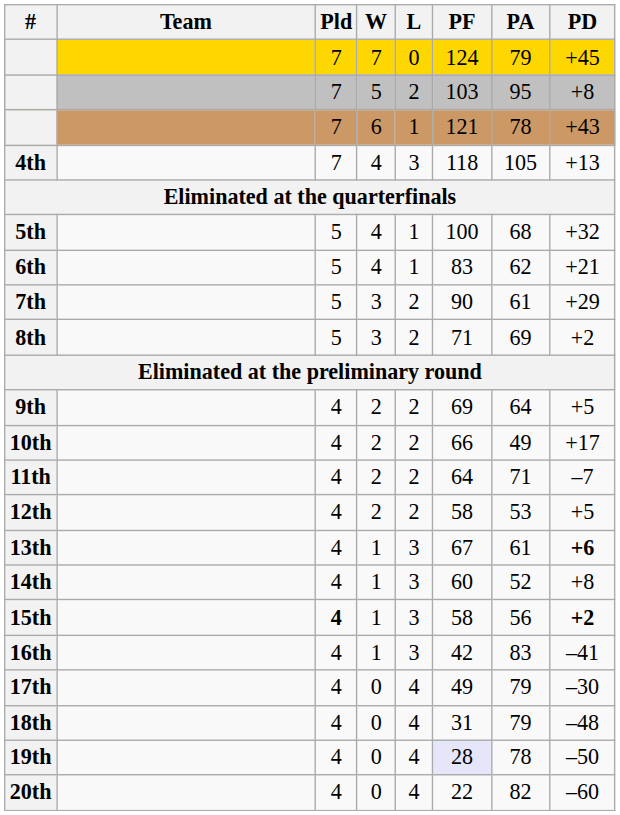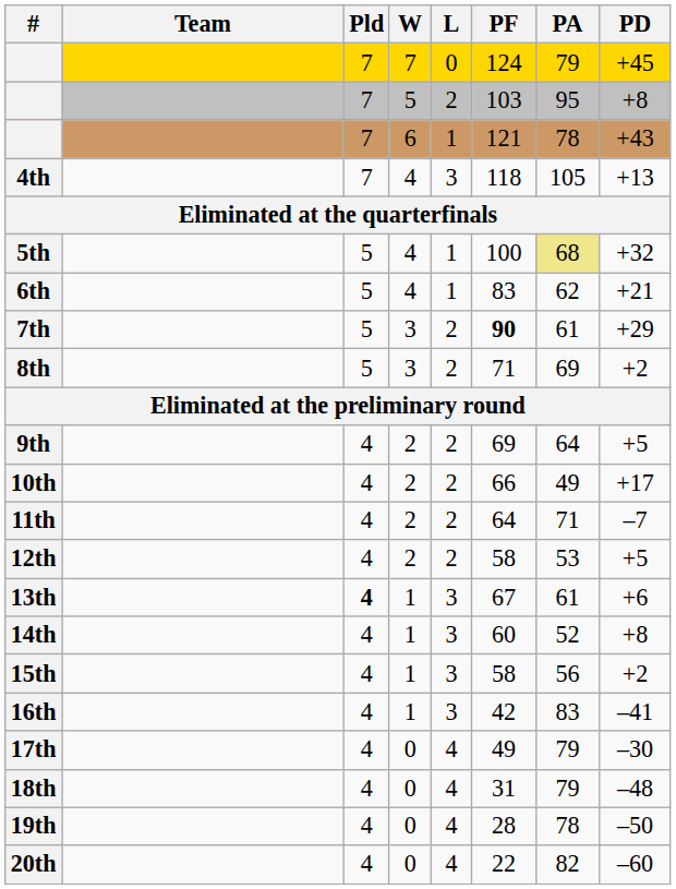 <table class=wikitable style="text-align:center;">
 <tr>
 <th>#</th>
 <th width=180px>Team</th>
 <th width=20px>Pld</th>
 <th width=20px>W</th>
 <th width=20px>L</th>
 <th width=35px>PF</th>
 <th width=35px>PA</th>
 <th width=40px>PD</th>
 </tr>
 <tr bgcolor=gold>
 <th></th>
 <td align=left></td>
 <td>7</td>
 <td>7</td>
 <td>0</td>
 <td>124</td>
 <td>79</td>
 <td>+45</td>
 </tr>
 <tr bgcolor=silver>
 <th></th>
 <td align=left></td>
 <td>7</td>
 <td>5</td>
 <td>2</td>
 <td>103</td>
 <td>95</td>
 <td>+8</td>
 </tr>
 <tr bgcolor=cc9966>
 <th></th>
 <td align=left></td>
 <td>7</td>
 <td>6</td>
 <td>1</td>
 <td>121</td>
 <td>78</td>
 <td>+43</td>
 </tr>
 <tr>
 <th>4th</th>
 <td align=left></td>
 <td>7</td>
 <td>4</td>
 <td>3</td>
 <td>118</td>
 <td>105</td>
 <td>+13</td>
 </tr>
 <tr>
 <th colspan=11>Eliminated at the quarterfinals</th>
 </tr>
 <tr>
 <th>5th</th>
 <td align=left></td>
 <td>5</td>
 <td>4</td>
 <td>1</td>
 <td>100</td>
-<td>68</td>
+<td style="background: khaki;">68</td>
 <td>+32</td>
 </tr>
 <tr>
 <th>6th</th>
 <td align=left></td>
 <td>5</td>
 <td>4</td>
 <td>1</td>
 <td>83</td>
 <td>62</td>
 <td>+21</td>
 </tr>
 <tr>
 <th>7th</th>
 <td align=left></td>
 <td>5</td>
 <td>3</td>
 <td>2</td>
-<td>90</td>
+<td><strong>90</strong></td>
 <td>61</td>
 <td>+29</td>
 </tr>
 <tr>
 <th>8th</th>
 <td align=left></td>
 <td>5</td>
 <td>3</td>
 <td>2</td>
 <td>71</td>
 <td>69</td>
 <td>+2</td>
 </tr>
 <tr>
 <th colspan=11>Eliminated at the preliminary round</th>
 </tr>
 <tr>
 <th>9th</th>
 <td align=left></td>
 <td>4</td>
 <td>2</td>
 <td>2</td>
 <td>69</td>
 <td>64</td>
 <td>+5</td>
 </tr>
 <tr>
 <th>10th</th>
 <td align=left></td>
 <td>4</td>
 <td>2</td>
 <td>2</td>
 <td>66</td>
 <td>49</td>
 <td>+17</td>
 </tr>
 <tr>
 <th>11th</th>
 <td align=left></td>
 <td>4</td>
 <td>2</td>
 <td>2</td>
 <td>64</td>
 <td>71</td>
 <td>–7</td>
 </tr>
 <tr>
 <th>12th</th>
 <td align=left></td>
 <td>4</td>
 <td>2</td>
 <td>2</td>
 <td>58</td>
 <td>53</td>
 <td>+5</td>
 </tr>
 <tr>
 <th>13th</th>
 <td align=left></td>
-<td>4</td>
+<td><strong>4</strong></td>
 <td>1</td>
 <td>3</td>
 <td>67</td>
 <td>61</td>
-<td><strong>+6</strong></td>
+<td>+6</td>
 </tr>
 <tr>
 <th>14th</th>
 <td align=left></td>
 <td>4</td>
 <td>1</td>
 <td>3</td>
 <td>60</td>
 <td>52</td>
 <td>+8</td>
 </tr>
 <tr>
 <th>15th</th>
 <td align=left></td>
-<td><strong>4</strong></td>
+<td>4</td>
 <td>1</td>
 <td>3</td>
 <td>58</td>
 <td>56</td>
-<td><strong>+2</strong></td>
+<td>+2</td>
 </tr>
 <tr>
 <th>16th</th>
 <td align=left></td>
 <td>4</td>
 <td>1</td>
 <td>3</td>
 <td>42</td>
 <td>83</td>
 <td>–41</td>
 </tr>
 <tr>
 <th>17th</th>
 <td align=left></td>
 <td>4</td>
 <td>0</td>
 <td>4</td>
 <td>49</td>
 <td>79</td>
 <td>–30</td>
 </tr>
 <tr>
 <th>18th</th>
 <td align=left></td>
 <td>4</td>
 <td>0</td>
 <td>4</td>
 <td>31</td>
 <td>79</td>
 <td>–48</td>
 </tr>
 <tr>
 <th>19th</th>
 <td align=left></td>
 <td>4</td>
 <td>0</td>
 <td>4</td>
-<td style="background: lavender;">28</td>
+<td>28</td>
 <td>78</td>
 <td>–50</td>
 </tr>
 <tr>
 <th>20th</th>
 <td align=left></td>
 <td>4</td>
 <td>0</td>
 <td>4</td>
 <td>22</td>
 <td>82</td>
 <td>–60</td>
 </tr>
 </table>
